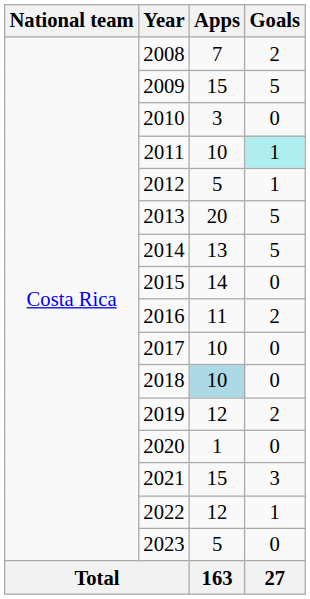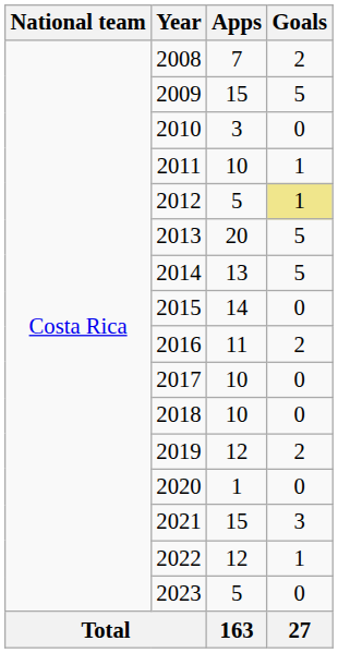 <table class="wikitable" style="text-align:center">
 <tr>
 <th>National team</th>
 <th>Year</th>
 <th>Apps</th>
 <th>Goals</th>
 </tr>
 <tr>
 <td rowspan="16"><a href='#'>Costa Rica</a></td>
 <td>2008</td>
 <td>7</td>
 <td>2</td>
 </tr>
 <tr>
 <td>2009</td>
 <td>15</td>
 <td>5</td>
 </tr>
 <tr>
 <td>2010</td>
 <td>3</td>
 <td>0</td>
 </tr>
 <tr>
 <td>2011</td>
 <td>10</td>
-<td style="background: paleturquoise;">1</td>
+<td>1</td>
 </tr>
 <tr>
 <td>2012</td>
 <td>5</td>
-<td>1</td>
+<td style="background: khaki;">1</td>
 </tr>
 <tr>
 <td>2013</td>
 <td>20</td>
 <td>5</td>
 </tr>
 <tr>
 <td>2014</td>
 <td>13</td>
 <td>5</td>
 </tr>
 <tr>
 <td>2015</td>
 <td>14</td>
 <td>0</td>
 </tr>
 <tr>
 <td>2016</td>
 <td>11</td>
 <td>2</td>
 </tr>
 <tr>
 <td>2017</td>
 <td>10</td>
 <td>0</td>
 </tr>
 <tr>
 <td>2018</td>
-<td style="background: lightblue;">10</td>
+<td>10</td>
 <td>0</td>
 </tr>
 <tr>
 <td>2019</td>
 <td>12</td>
 <td>2</td>
 </tr>
 <tr>
 <td>2020</td>
 <td>1</td>
 <td>0</td>
 </tr>
 <tr>
 <td>2021</td>
 <td>15</td>
 <td>3</td>
 </tr>
 <tr>
 <td>2022</td>
 <td>12</td>
 <td>1</td>
 </tr>
 <tr>
 <td>2023</td>
 <td>5</td>
 <td>0</td>
 </tr>
 <tr>
 <th colspan="2">Total</th>
 <th>163</th>
 <th>27</th>
 </tr>
 </table>
